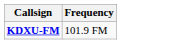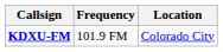 <table class="wikitable sortable">
 <tr>
 <th>Callsign</th>
 <th>Frequency</th>
+<th>Location</th>
 </tr>
 <tr>
 <td><strong><a href='#'>KDXU-FM</a></strong></td>
 <td data-sort-value=101900>101.9 FM</td>
+<td><a href='#'>Colorado City</a></td>
 </tr>
 </table>
